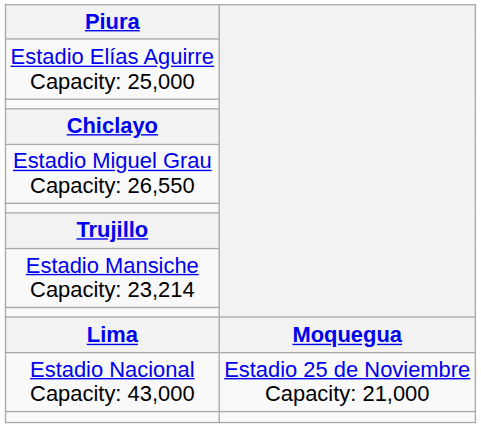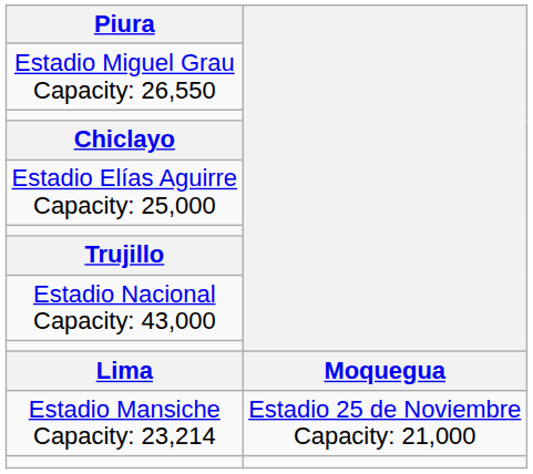 <table class="wikitable" style="margin:1em auto; text-align:center;">
 <tr>
 <th><a href='#'>Piura</a></th>
 <th rowspan="9"><br></th>
+</tr>
+<tr>
+<td><a href='#'>Estadio Miguel Grau</a><br>Capacity: 26,550</td>
+</tr>
+<tr>
+<td></td>
+</tr>
+<tr>
+<th><a href='#'>Chiclayo</a></th>
 </tr>
 <tr>
 <td><a href='#'>Estadio Elías Aguirre</a><br>Capacity: 25,000</td>
 </tr>
 <tr>
 <td></td>
 </tr>
 <tr>
-<th><a href='#'>Chiclayo</a></th>
-</tr>
-<tr>
-<td><a href='#'>Estadio Miguel Grau</a><br>Capacity: 26,550</td>
-</tr>
-<tr>
-<td></td>
-</tr>
-<tr>
 <th><a href='#'>Trujillo</a></th>
 </tr>
 <tr>
-<td><a href='#'>Estadio Mansiche</a><br>Capacity: 23,214</td>
+<td><a href='#'>Estadio Nacional</a><br>Capacity: 43,000</td>
 </tr>
 <tr>
 <td></td>
 </tr>
 <tr>
 <th><a href='#'>Lima</a></th>
 <th><a href='#'>Moquegua</a></th>
 </tr>
 <tr>
-<td><a href='#'>Estadio Nacional</a><br>Capacity: 43,000</td>
+<td><a href='#'>Estadio Mansiche</a><br>Capacity: 23,214</td>
 <td><a href='#'>Estadio 25 de Noviembre</a><br>Capacity: 21,000</td>
 </tr>
 <tr>
 <td></td>
 <td></td>
 </tr>
 </table>
